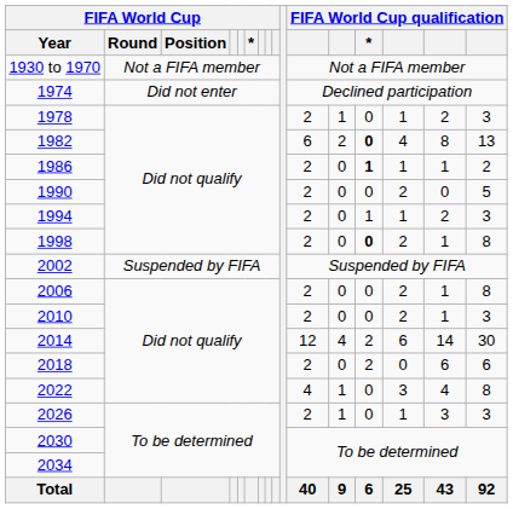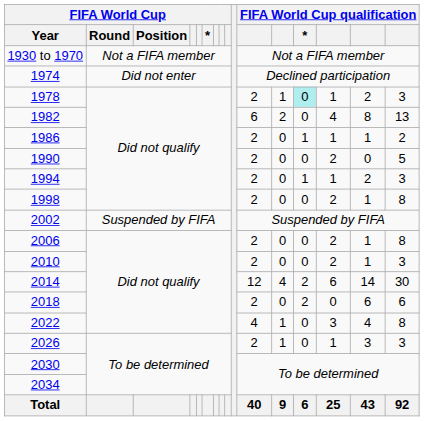 <table class="wikitable" style="text-align: center;">
 <tr>
 <th colspan=9><a href='#'>FIFA World Cup</a></th>
 <th rowspan=28></th>
 <th colspan=6><a href='#'>FIFA World Cup qualification</a></th>
 </tr>
 <tr>
 <th>Year</th>
 <th>Round</th>
 <th>Position</th>
 <th></th>
 <th></th>
 <th>*</th>
 <th></th>
 <th></th>
 <th></th>
 <th></th>
 <th></th>
 <th>*</th>
 <th></th>
 <th></th>
 <th></th>
 </tr>
 <tr>
 <td><a href='#'>1930</a> to <a href='#'>1970</a></td>
 <td colspan=8><em>Not a FIFA member</em></td>
 <td colspan=6><em>Not a FIFA member</em></td>
 </tr>
 <tr>
 <td> <a href='#'>1974</a></td>
 <td colspan=8><em>Did not enter</em></td>
 <td colspan=6><em>Declined participation</em></td>
 </tr>
 <tr>
 <td> <a href='#'>1978</a></td>
 <td colspan=8 rowspan=6><em>Did not qualify</em></td>
 <td>2</td>
 <td>1</td>
-<td>0</td>
+<td style="background: paleturquoise;">0</td>
 <td>1</td>
 <td>2</td>
 <td>3</td>
 </tr>
 <tr>
 <td> <a href='#'>1982</a></td>
 <td>6</td>
 <td>2</td>
-<td><strong>0</strong></td>
+<td>0</td>
 <td>4</td>
 <td>8</td>
 <td>13</td>
 </tr>
 <tr>
 <td> <a href='#'>1986</a></td>
 <td>2</td>
 <td>0</td>
-<td><strong>1</strong></td>
+<td>1</td>
 <td>1</td>
 <td>1</td>
 <td>2</td>
 </tr>
 <tr>
 <td> <a href='#'>1990</a></td>
 <td>2</td>
 <td>0</td>
 <td>0</td>
 <td>2</td>
 <td>0</td>
 <td>5</td>
 </tr>
 <tr>
 <td> <a href='#'>1994</a></td>
 <td>2</td>
 <td>0</td>
 <td>1</td>
 <td>1</td>
 <td>2</td>
 <td>3</td>
 </tr>
 <tr>
 <td> <a href='#'>1998</a></td>
 <td>2</td>
 <td>0</td>
-<td><strong>0</strong></td>
+<td>0</td>
 <td>2</td>
 <td>1</td>
 <td>8</td>
 </tr>
 <tr>
 <td>  <a href='#'>2002</a></td>
 <td colspan=8><em>Suspended by FIFA</em></td>
 <td colspan=6><em>Suspended by FIFA</em></td>
 </tr>
 <tr>
 <td> <a href='#'>2006</a></td>
 <td colspan=8 rowspan=5><em>Did not qualify</em></td>
 <td>2</td>
 <td>0</td>
 <td>0</td>
 <td>2</td>
 <td>1</td>
 <td>8</td>
 </tr>
 <tr>
 <td> <a href='#'>2010</a></td>
 <td>2</td>
 <td>0</td>
 <td>0</td>
 <td>2</td>
 <td>1</td>
 <td>3</td>
 </tr>
 <tr>
 <td> <a href='#'>2014</a></td>
 <td>12</td>
 <td>4</td>
 <td>2</td>
 <td>6</td>
 <td>14</td>
 <td>30</td>
 </tr>
 <tr>
 <td> <a href='#'>2018</a></td>
 <td>2</td>
 <td>0</td>
 <td>2</td>
 <td>0</td>
 <td>6</td>
 <td>6</td>
 </tr>
 <tr>
 <td> <a href='#'>2022</a></td>
 <td>4</td>
 <td>1</td>
 <td>0</td>
 <td>3</td>
 <td>4</td>
 <td>8</td>
 </tr>
 <tr>
 <td>   <a href='#'>2026</a></td>
 <td colspan=8 rowspan=3><em>To be determined</em></td>
 <td>2</td>
 <td>1</td>
 <td>0</td>
 <td>1</td>
 <td>3</td>
 <td>3</td>
 </tr>
 <tr>
 <td>   <a href='#'>2030</a></td>
 <td colspan=6 rowspan=2><em>To be determined</em></td>
 </tr>
 <tr>
 <td> <a href='#'>2034</a></td>
 </tr>
 <tr>
 <th>Total</th>
 <th></th>
 <th></th>
 <th></th>
 <th></th>
 <th></th>
 <th></th>
 <th></th>
 <th></th>
 <th>40</th>
 <th>9</th>
 <th>6</th>
 <th>25</th>
 <th>43</th>
 <th>92</th>
 </tr>
 </table>
